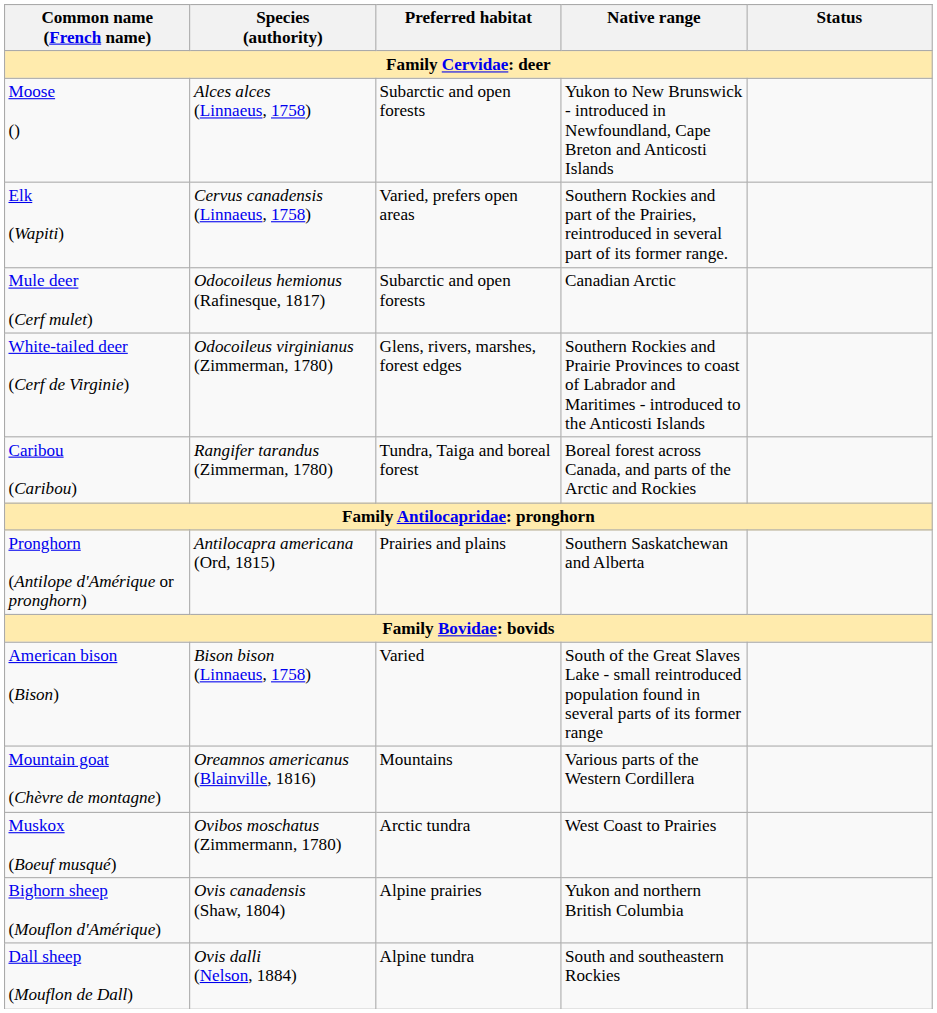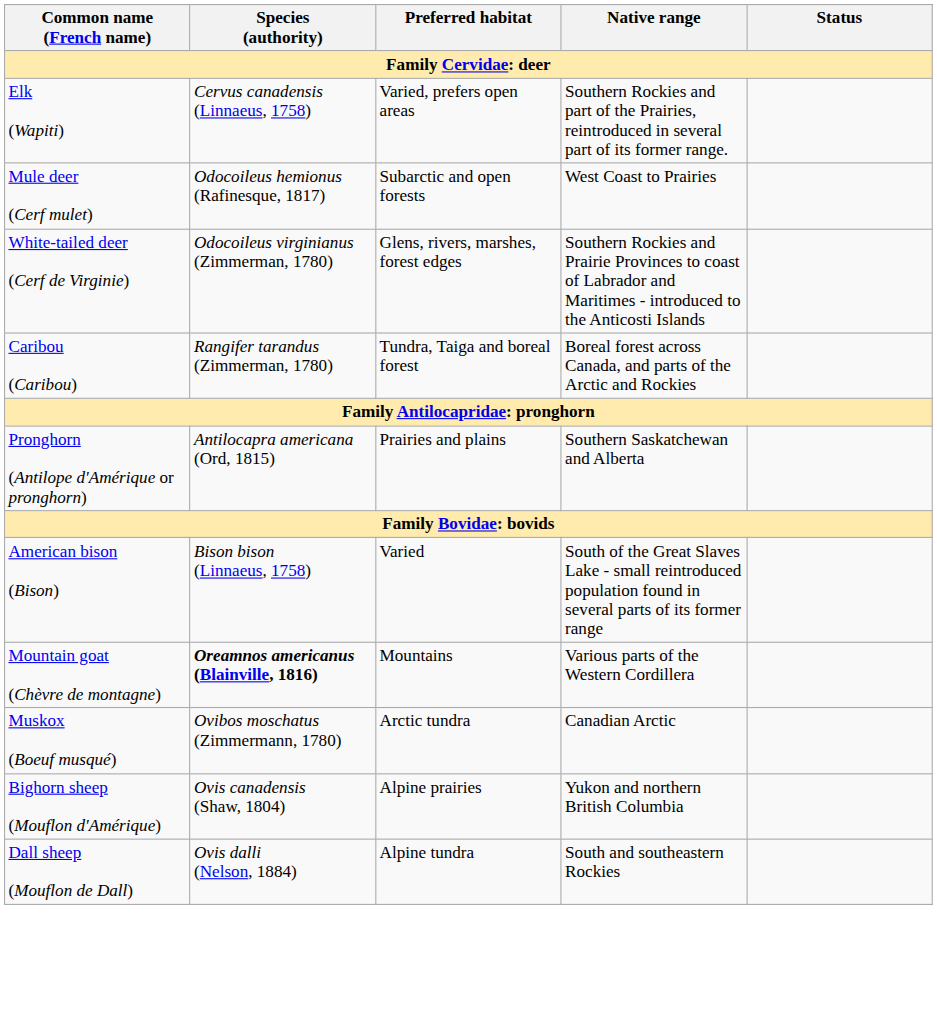 <table class="wikitable sortable sticky-header-multi" style=text-align:center" style="margin:1em auto;">
 <tr valign="top">
 <th style="width:20%;">Common name<br>(<a href='#'>French</a> name)</th>
 <th style="width:20%;">Species<br>(authority)</th>
 <th style="width:20%;">Preferred habitat</th>
 <th style="width:20%;">Native range</th>
 <th style="width:20%;">Status</th>
 </tr>
 <tr>
 <td style="text-align:center;" bgcolor="#ffebad" colspan=5><strong>Family <a href='#'>Cervidae</a>: deer</strong></td>
 </tr>
 <tr valign="top">
-<td><a href='#'>Moose</a><br> <br>(<em></em>)</td>
-<td><em>Alces alces</em><br>(<a href='#'>Linnaeus</a>, <a href='#'>1758</a>)</td>
-<td>Subarctic and open forests</td>
-<td>Yukon to New Brunswick - introduced in Newfoundland, Cape Breton and Anticosti Islands</td>
-<td></td>
-</tr>
-<tr valign="top">
 <td><a href='#'>Elk</a><br> <br>(<em>Wapiti</em>)</td>
 <td><em>Cervus canadensis</em><br>(<a href='#'>Linnaeus</a>, <a href='#'>1758</a>)</td>
 <td>Varied, prefers open areas</td>
 <td>Southern Rockies and part of the Prairies, reintroduced in several part of its former range.</td>
 <td></td>
 </tr>
 <tr valign="top">
 <td><a href='#'>Mule deer</a><br> <br>(<em>Cerf mulet</em>)</td>
 <td><em>Odocoileus hemionus</em><br>(Rafinesque, 1817)</td>
 <td>Subarctic and open forests</td>
-<td>Canadian Arctic</td>
+<td>West Coast to Prairies</td>
 <td></td>
 </tr>
 <tr valign="top">
 <td><a href='#'>White-tailed deer</a><br> <br>(<em>Cerf de Virginie</em>)</td>
 <td><em>Odocoileus virginianus</em><br>(Zimmerman, 1780)</td>
 <td>Glens, rivers, marshes, forest edges</td>
 <td>Southern Rockies and Prairie Provinces to coast of Labrador and Maritimes - introduced to the Anticosti Islands</td>
 <td></td>
 </tr>
 <tr valign="top">
 <td><a href='#'>Caribou</a><br> <br>(<em>Caribou</em>)</td>
 <td><em>Rangifer tarandus</em><br>(Zimmerman, 1780)</td>
 <td>Tundra, Taiga and boreal forest</td>
 <td>Boreal forest across Canada, and parts of the Arctic and Rockies</td>
 <td></td>
 </tr>
 <tr>
 <td style="text-align:center;" bgcolor="#ffebad" colspan=5><strong>Family <a href='#'>Antilocapridae</a>: pronghorn</strong></td>
 </tr>
 <tr valign="top">
 <td><a href='#'>Pronghorn</a><br> <br>(<em>Antilope d'Amérique</em> or <em>pronghorn</em>)</td>
 <td><em>Antilocapra americana</em><br>(Ord, 1815)</td>
 <td>Prairies and plains</td>
 <td>Southern Saskatchewan and Alberta</td>
 <td></td>
 </tr>
 <tr>
 <td style="text-align:center;" bgcolor="#ffebad" colspan=5><strong>Family <a href='#'>Bovidae</a>: bovids</strong></td>
 </tr>
 <tr valign="top">
 <td><a href='#'>American bison</a><br> <br>(<em>Bison</em>)</td>
 <td><em>Bison bison</em><br>(<a href='#'>Linnaeus</a>, <a href='#'>1758</a>)</td>
 <td>Varied</td>
 <td>South of the Great Slaves Lake - small reintroduced population found in several parts of its former range</td>
 <td></td>
 </tr>
 <tr valign="top">
 <td><a href='#'>Mountain goat</a><br> <br>(<em>Chèvre de montagne</em>)</td>
-<td><em>Oreamnos americanus</em><br>(<a href='#'>Blainville</a>, 1816)</td>
+<td><strong><em>Oreamnos americanus</em><br>(<a href='#'>Blainville</a>, 1816)</strong></td>
 <td>Mountains</td>
 <td>Various parts of the Western Cordillera</td>
 <td></td>
 </tr>
 <tr valign="top">
 <td><a href='#'>Muskox</a><br> <br>(<em>Boeuf musqué</em>)</td>
 <td><em>Ovibos moschatus</em><br>(Zimmermann, 1780)</td>
 <td>Arctic tundra</td>
-<td>West Coast to Prairies</td>
+<td>Canadian Arctic</td>
 <td></td>
 </tr>
 <tr valign="top">
 <td><a href='#'>Bighorn sheep</a><br> <br>(<em>Mouflon d'Amérique</em>)</td>
 <td><em>Ovis canadensis</em><br>(Shaw, 1804)</td>
 <td>Alpine prairies</td>
 <td>Yukon and northern British Columbia</td>
 <td></td>
 </tr>
 <tr valign="top">
 <td><a href='#'>Dall sheep</a><br> <br>(<em>Mouflon de Dall</em>)</td>
 <td><em>Ovis dalli</em><br>(<a href='#'>Nelson</a>, 1884)</td>
 <td>Alpine tundra</td>
 <td>South and southeastern Rockies</td>
 <td></td>
 </tr>
 </table>
